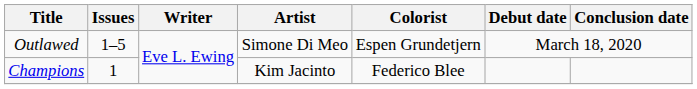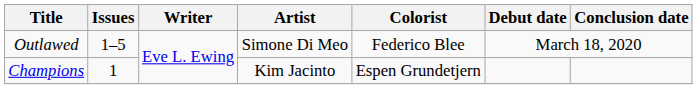 <table class="wikitable" border="2" class="wikitable" style="text-align:center;">
 <tr>
 <th scope="col">Title</th>
 <th scope="col">Issues</th>
 <th scope="col">Writer</th>
 <th scope="col">Artist</th>
 <th scope="col">Colorist</th>
 <th scope="col">Debut date</th>
 <th scope="col">Conclusion date</th>
 </tr>
 <tr>
 <td><em>Outlawed</em></td>
 <td>1–5</td>
 <td rowspan="2"><a href='#'>Eve L. Ewing</a></td>
 <td>Simone Di Meo</td>
-<td>Espen Grundetjern</td>
+<td>Federico Blee</td>
 <td colspan="2">March 18, 2020</td>
 </tr>
 <tr>
 <td><em><a href='#'>Champions</a></em></td>
 <td>1</td>
 <td>Kim Jacinto</td>
-<td>Federico Blee</td>
+<td>Espen Grundetjern</td>
 <td></td>
 <td></td>
 </tr>
 <tr>
 </tr>
 </table>
